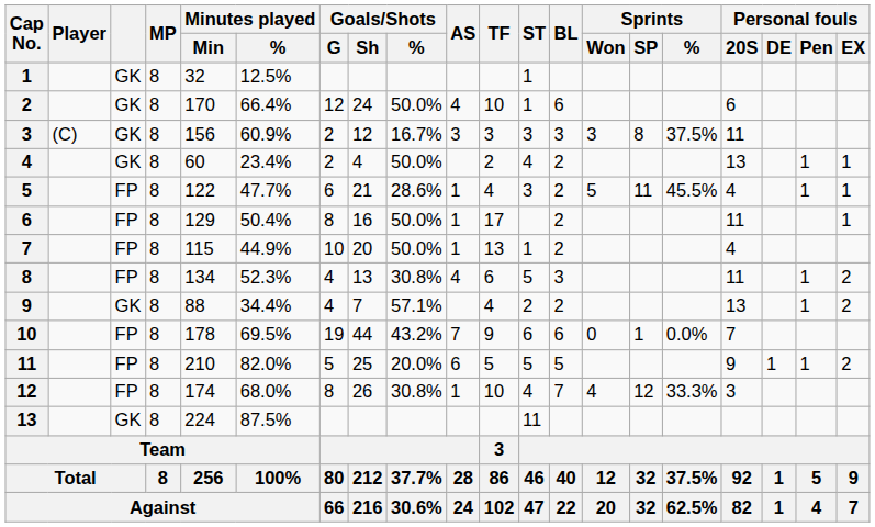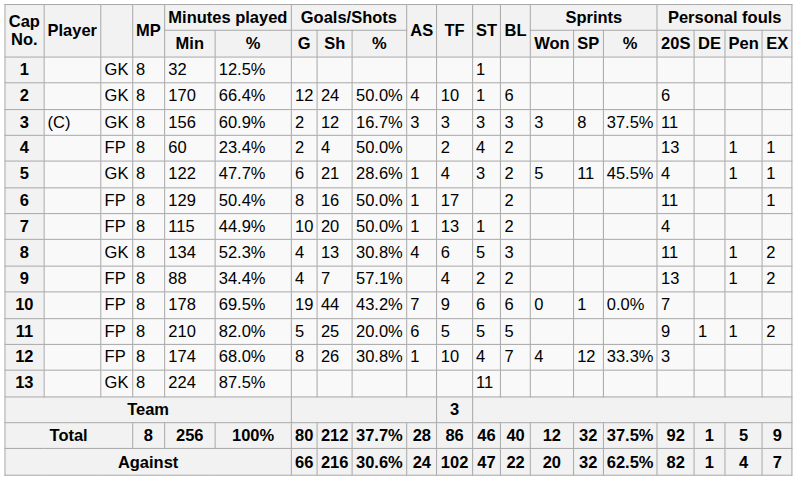 <table class="wikitable sortable sticky-header-multi defaultcenter col2left" style="font-size: 100%; margin-left: 1em;">
 <tr>
 <th scope="col" rowspan="2">Cap<br>No.</th>
 <th scope="col" rowspan="2">Player</th>
 <th scope="col" rowspan="2"></th>
 <th scope="col" rowspan="2">MP</th>
 <th scope="colgroup" colspan="2">Minutes played</th>
 <th scope="colgroup" colspan="3">Goals/Shots</th>
 <th scope="col" rowspan="2">AS</th>
 <th scope="col" rowspan="2">TF</th>
 <th scope="col" rowspan="2">ST</th>
 <th scope="col" rowspan="2">BL</th>
 <th scope="colgroup" colspan="3">Sprints</th>
 <th scope="colgroup" colspan="4">Personal fouls</th>
 </tr>
 <tr>
 <th scope="col">Min</th>
 <th scope="col">%</th>
 <th scope="col">G</th>
 <th scope="col">Sh</th>
 <th scope="col">%</th>
 <th scope="col">Won</th>
 <th scope="col">SP</th>
 <th scope="col">%</th>
 <th scope="col">20S</th>
 <th scope="col">DE</th>
 <th scope="col">Pen</th>
 <th scope="col">EX</th>
 </tr>
 <tr>
 <th scope="row">1</th>
 <td></td>
 <td>GK</td>
 <td>8</td>
 <td>32</td>
 <td>12.5%</td>
 <td></td>
 <td></td>
 <td></td>
 <td></td>
 <td></td>
 <td>1</td>
 <td></td>
 <td></td>
 <td></td>
 <td></td>
 <td></td>
 <td></td>
 <td></td>
 <td></td>
 </tr>
 <tr>
 <th scope="row">2</th>
 <td></td>
 <td>GK</td>
 <td>8</td>
 <td>170</td>
 <td>66.4%</td>
 <td>12</td>
 <td>24</td>
 <td>50.0%</td>
 <td>4</td>
 <td>10</td>
 <td>1</td>
 <td>6</td>
 <td></td>
 <td></td>
 <td></td>
 <td>6</td>
 <td></td>
 <td></td>
 <td></td>
 </tr>
 <tr>
 <th scope="row">3</th>
 <td> (C)</td>
 <td>GK</td>
 <td>8</td>
 <td>156</td>
 <td>60.9%</td>
 <td>2</td>
 <td>12</td>
 <td>16.7%</td>
 <td>3</td>
 <td>3</td>
 <td>3</td>
 <td>3</td>
 <td>3</td>
 <td>8</td>
 <td>37.5%</td>
 <td>11</td>
 <td></td>
 <td></td>
 <td></td>
 </tr>
 <tr>
 <th scope="row">4</th>
 <td></td>
-<td>GK</td>
+<td>FP</td>
 <td>8</td>
 <td>60</td>
 <td>23.4%</td>
 <td>2</td>
 <td>4</td>
 <td>50.0%</td>
 <td></td>
 <td>2</td>
 <td>4</td>
 <td>2</td>
 <td></td>
 <td></td>
 <td></td>
 <td>13</td>
 <td></td>
 <td>1</td>
 <td>1</td>
 </tr>
 <tr>
 <th scope="row">5</th>
 <td></td>
-<td>FP</td>
+<td>GK</td>
 <td>8</td>
 <td>122</td>
 <td>47.7%</td>
 <td>6</td>
 <td>21</td>
 <td>28.6%</td>
 <td>1</td>
 <td>4</td>
 <td>3</td>
 <td>2</td>
 <td>5</td>
 <td>11</td>
 <td>45.5%</td>
 <td>4</td>
 <td></td>
 <td>1</td>
 <td>1</td>
 </tr>
 <tr>
 <th scope="row">6</th>
 <td></td>
 <td>FP</td>
 <td>8</td>
 <td>129</td>
 <td>50.4%</td>
 <td>8</td>
 <td>16</td>
 <td>50.0%</td>
 <td>1</td>
 <td>17</td>
 <td></td>
 <td>2</td>
 <td></td>
 <td></td>
 <td></td>
 <td>11</td>
 <td></td>
 <td></td>
 <td>1</td>
 </tr>
 <tr>
 <th scope="row">7</th>
 <td></td>
 <td>FP</td>
 <td>8</td>
 <td>115</td>
 <td>44.9%</td>
 <td>10</td>
 <td>20</td>
 <td>50.0%</td>
 <td>1</td>
 <td>13</td>
 <td>1</td>
 <td>2</td>
 <td></td>
 <td></td>
 <td></td>
 <td>4</td>
 <td></td>
 <td></td>
 <td></td>
 </tr>
 <tr>
 <th scope="row">8</th>
 <td></td>
-<td>FP</td>
+<td>GK</td>
 <td>8</td>
 <td>134</td>
 <td>52.3%</td>
 <td>4</td>
 <td>13</td>
 <td>30.8%</td>
 <td>4</td>
 <td>6</td>
 <td>5</td>
 <td>3</td>
 <td></td>
 <td></td>
 <td></td>
 <td>11</td>
 <td></td>
 <td>1</td>
 <td>2</td>
 </tr>
 <tr>
 <th scope="row">9</th>
 <td></td>
-<td>GK</td>
+<td>FP</td>
 <td>8</td>
 <td>88</td>
 <td>34.4%</td>
 <td>4</td>
 <td>7</td>
 <td>57.1%</td>
 <td></td>
 <td>4</td>
 <td>2</td>
 <td>2</td>
 <td></td>
 <td></td>
 <td></td>
 <td>13</td>
 <td></td>
 <td>1</td>
 <td>2</td>
 </tr>
 <tr>
 <th scope="row">10</th>
 <td></td>
 <td>FP</td>
 <td>8</td>
 <td>178</td>
 <td>69.5%</td>
 <td>19</td>
 <td>44</td>
 <td>43.2%</td>
 <td>7</td>
 <td>9</td>
 <td>6</td>
 <td>6</td>
 <td>0</td>
 <td>1</td>
 <td>0.0%</td>
 <td>7</td>
 <td></td>
 <td></td>
 <td></td>
 </tr>
 <tr>
 <th scope="row">11</th>
 <td></td>
 <td>FP</td>
 <td>8</td>
 <td>210</td>
 <td>82.0%</td>
 <td>5</td>
 <td>25</td>
 <td>20.0%</td>
 <td>6</td>
 <td>5</td>
 <td>5</td>
 <td>5</td>
 <td></td>
 <td></td>
 <td></td>
 <td>9</td>
 <td>1</td>
 <td>1</td>
 <td>2</td>
 </tr>
 <tr>
 <th scope="row">12</th>
 <td></td>
 <td>FP</td>
 <td>8</td>
 <td>174</td>
 <td>68.0%</td>
 <td>8</td>
 <td>26</td>
 <td>30.8%</td>
 <td>1</td>
 <td>10</td>
 <td>4</td>
 <td>7</td>
 <td>4</td>
 <td>12</td>
 <td>33.3%</td>
 <td>3</td>
 <td></td>
 <td></td>
 <td></td>
 </tr>
 <tr>
 <th scope="row">13</th>
 <td></td>
 <td>GK</td>
 <td>8</td>
 <td>224</td>
 <td>87.5%</td>
 <td></td>
 <td></td>
 <td></td>
 <td></td>
 <td></td>
 <td>11</td>
 <td></td>
 <td></td>
 <td></td>
 <td></td>
 <td></td>
 <td></td>
 <td></td>
 <td></td>
 </tr>
 <tr class="sortbottom">
 <th colspan="6">Team</th>
 <th colspan="4"></th>
 <th>3</th>
 <th colspan="9"></th>
 </tr>
 <tr class="sortbottom">
 <th colspan="3">Total</th>
 <th>8</th>
 <th>256</th>
 <th>100%</th>
 <th>80</th>
 <th>212</th>
 <th>37.7%</th>
 <th>28</th>
 <th>86</th>
 <th>46</th>
 <th>40</th>
 <th>12</th>
 <th>32</th>
 <th>37.5%</th>
 <th>92</th>
 <th>1</th>
 <th>5</th>
 <th>9</th>
 </tr>
 <tr class="sortbottom">
 <th colspan="6">Against</th>
 <th>66</th>
 <th>216</th>
 <th>30.6%</th>
 <th>24</th>
 <th>102</th>
 <th>47</th>
 <th>22</th>
 <th>20</th>
 <th>32</th>
 <th>62.5%</th>
 <th>82</th>
 <th>1</th>
 <th>4</th>
 <th>7</th>
 </tr>
 </table>
